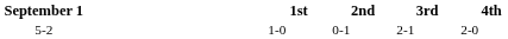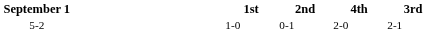 <table width=60% cellspacing=1>
 <tr>
 <th width=20%></th>
 <th width=16%>September 1</th>
 <th width=20%></th>
 <th width=8%>1st</th>
 <th width=8%>2nd</th>
+<th width=8%>4th</th>
 <th width=8%>3rd</th>
-<th width=8%>4th</th>
 </tr>
 <tr style=font-size:90%>
 <td align=right><strong></strong></td>
 <td align=center>5-2</td>
 <td></td>
 <td>1-0</td>
 <td>0-1</td>
+<td>2-0</td>
 <td>2-1</td>
-<td>2-0</td>
 </tr>
 </table>
